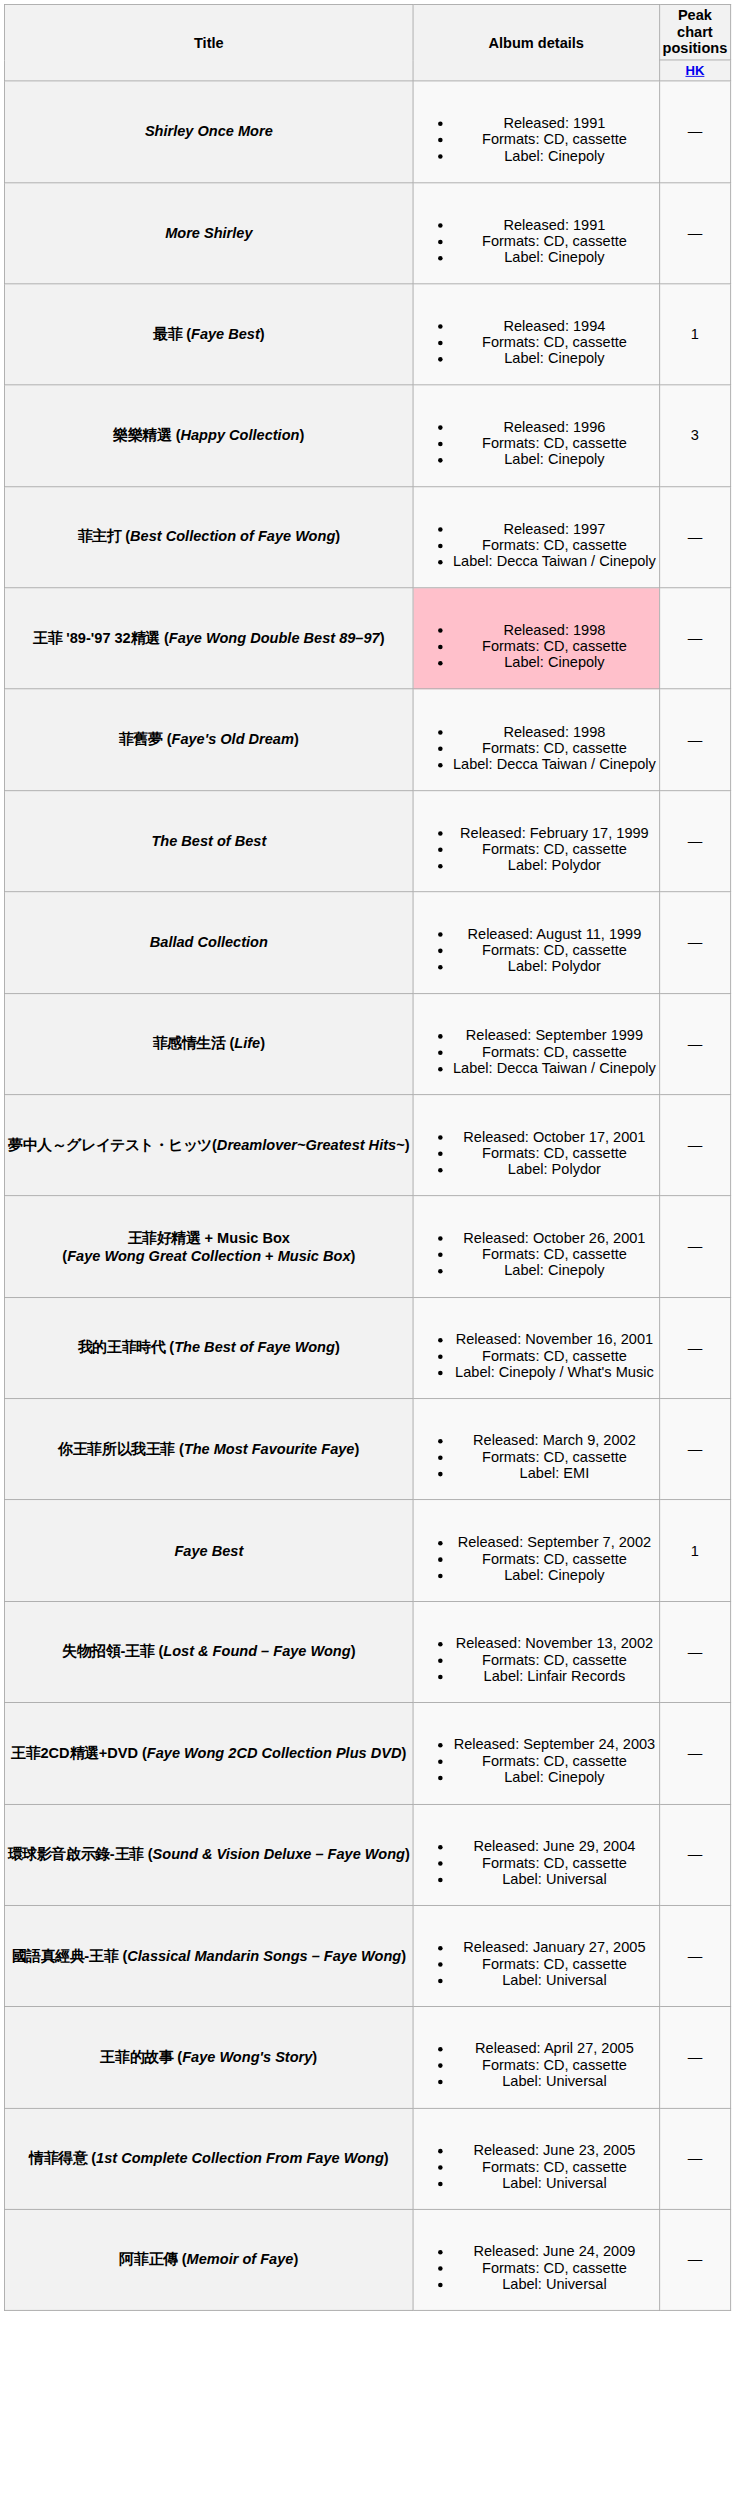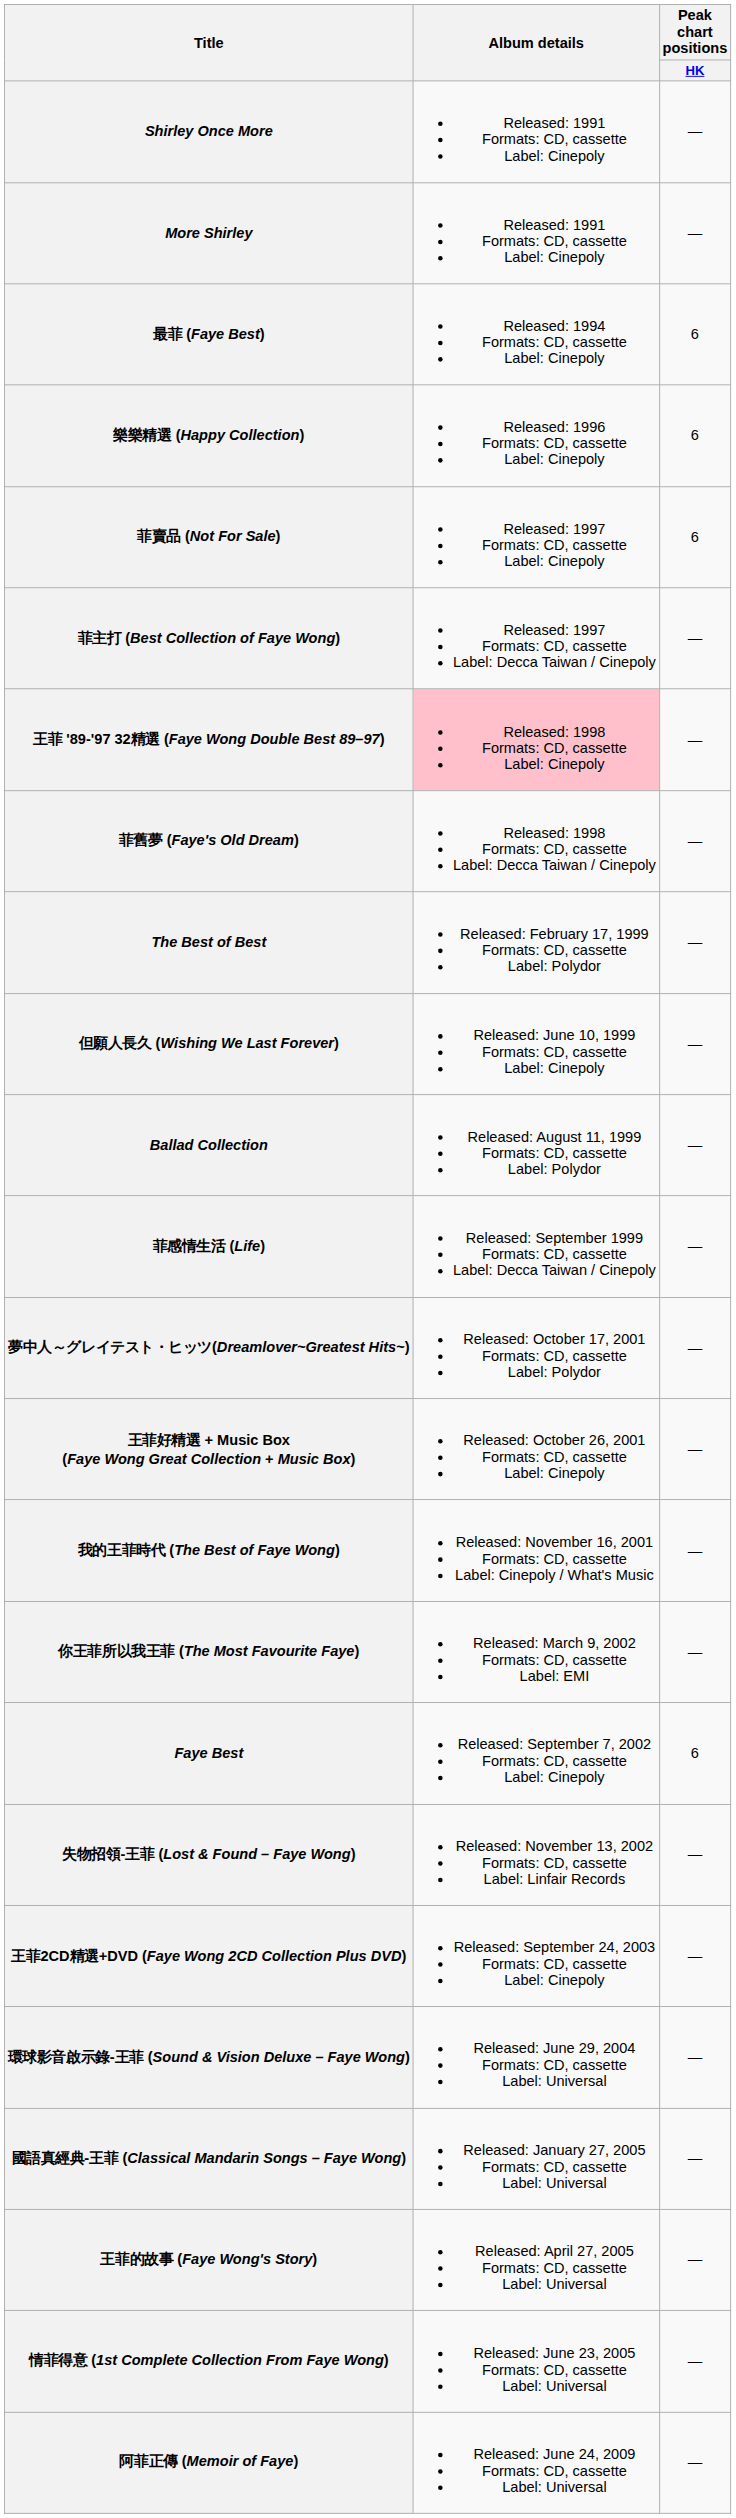 <table class="wikitable plainrowheaders" style="text-align:center;">
 <tr>
 <th rowspan="2">Title</th>
 <th rowspan="2">Album details</th>
 <th>Peak chart positions</th>
 </tr>
 <tr>
 <th scope="col" style="width:3em;font-size:90%;"><a href='#'>HK</a></th>
 </tr>
 <tr>
 <th scope="row"><em>Shirley Once More</em></th>
 <td><br><ul><li>Released: 1991</li><li>Formats: CD, cassette</li><li>Label: Cinepoly</li></ul></td>
 <td>—</td>
 </tr>
 <tr>
 <th scope="row"><em>More Shirley</em></th>
 <td><br><ul><li>Released: 1991</li><li>Formats: CD, cassette</li><li>Label: Cinepoly</li></ul></td>
 <td>—</td>
 </tr>
 <tr>
 <th scope="row">最菲 (<em>Faye Best</em>)</th>
 <td><br><ul><li>Released: 1994</li><li>Formats: CD, cassette</li><li>Label: Cinepoly</li></ul></td>
-<td>1</td>
+<td>6</td>
 </tr>
 <tr>
 <th scope="row">樂樂精選 (<em>Happy Collection</em>)</th>
 <td><br><ul><li>Released: 1996</li><li>Formats: CD, cassette</li><li>Label: Cinepoly</li></ul></td>
-<td>3</td>
+<td>6</td>
+</tr>
+<tr>
+<th scope="row">菲賣品 (<em>Not For Sale</em>)</th>
+<td><br><ul><li>Released: 1997</li><li>Formats: CD, cassette</li><li>Label: Cinepoly</li></ul></td>
+<td>6</td>
 </tr>
 <tr>
 <th scope="row">菲主打 (<em>Best Collection of Faye Wong</em>)</th>
 <td><br><ul><li>Released: 1997</li><li>Formats: CD, cassette</li><li>Label: Decca Taiwan / Cinepoly</li></ul></td>
 <td>—</td>
 </tr>
 <tr>
 <th scope="row">王菲 '89-'97 32精選 (<em>Faye Wong Double Best 89–97</em>)</th>
 <td style="background: pink;"><br><ul><li>Released: 1998</li><li>Formats: CD, cassette</li><li>Label: Cinepoly</li></ul></td>
 <td>—</td>
 </tr>
 <tr>
 <th scope="row">菲舊夢 (<em>Faye's Old Dream</em>)</th>
 <td><br><ul><li>Released: 1998</li><li>Formats: CD, cassette</li><li>Label: Decca Taiwan / Cinepoly</li></ul></td>
 <td>—</td>
 </tr>
 <tr>
 <th scope="row"><em>The Best of Best</em></th>
 <td><br><ul><li>Released: February 17, 1999</li><li>Formats: CD, cassette</li><li>Label: Polydor</li></ul></td>
+<td>—</td>
+</tr>
+<tr>
+<th scope="row">但願人長久 (<em>Wishing We Last Forever</em>)</th>
+<td><br><ul><li>Released: June 10, 1999</li><li>Formats: CD, cassette</li><li>Label: Cinepoly</li></ul></td>
 <td>—</td>
 </tr>
 <tr>
 <th scope="row"><em>Ballad Collection</em></th>
 <td><br><ul><li>Released: August 11, 1999</li><li>Formats: CD, cassette</li><li>Label: Polydor</li></ul></td>
 <td>—</td>
 </tr>
 <tr>
 <th scope="row">菲感情生活 (<em>Life</em>)</th>
 <td><br><ul><li>Released: September 1999</li><li>Formats: CD, cassette</li><li>Label: Decca Taiwan / Cinepoly</li></ul></td>
 <td>—</td>
 </tr>
 <tr>
 <th scope="row">夢中人～グレイテスト・ヒッツ(<em>Dreamlover~Greatest Hits~</em>)</th>
 <td><br><ul><li>Released: October 17, 2001</li><li>Formats: CD, cassette</li><li>Label: Polydor</li></ul></td>
 <td>—</td>
 </tr>
 <tr>
 <th scope="row">王菲好精選 + Music Box<br>(<em>Faye Wong Great Collection</em> + <em>Music Box</em>)</th>
 <td><br><ul><li>Released: October 26, 2001</li><li>Formats: CD, cassette</li><li>Label: Cinepoly</li></ul></td>
 <td>—</td>
 </tr>
 <tr>
 <th scope="row">我的王菲時代 (<em>The Best of Faye Wong</em>)</th>
 <td><br><ul><li>Released: November 16, 2001</li><li>Formats: CD, cassette</li><li>Label: Cinepoly / What's Music</li></ul></td>
 <td>—</td>
 </tr>
 <tr>
 <th scope="row">你王菲所以我王菲 (<em>The Most Favourite Faye</em>)</th>
 <td><br><ul><li>Released: March 9, 2002</li><li>Formats: CD, cassette</li><li>Label: EMI</li></ul></td>
 <td>—</td>
 </tr>
 <tr>
 <th scope="row"><em>Faye Best</em></th>
 <td><br><ul><li>Released: September 7, 2002</li><li>Formats: CD, cassette</li><li>Label: Cinepoly</li></ul></td>
-<td>1</td>
+<td>6</td>
 </tr>
 <tr>
 <th scope="row">失物招領-王菲 (<em>Lost & Found – Faye Wong</em>)</th>
 <td><br><ul><li>Released: November 13, 2002</li><li>Formats: CD, cassette</li><li>Label: Linfair Records</li></ul></td>
 <td>—</td>
 </tr>
 <tr>
 <th scope="row">王菲2CD精選+DVD (<em>Faye Wong 2CD Collection Plus DVD</em>)</th>
 <td><br><ul><li>Released: September 24, 2003</li><li>Formats: CD, cassette</li><li>Label: Cinepoly</li></ul></td>
 <td>—</td>
 </tr>
 <tr>
 <th scope="row">環球影音啟示錄-王菲 (<em>Sound & Vision Deluxe – Faye Wong</em>)</th>
 <td><br><ul><li>Released: June 29, 2004</li><li>Formats: CD, cassette</li><li>Label: Universal</li></ul></td>
 <td>—</td>
 </tr>
 <tr>
 <th scope="row">國語真經典-王菲 (<em>Classical Mandarin Songs – Faye Wong</em>)</th>
 <td><br><ul><li>Released: January 27, 2005</li><li>Formats: CD, cassette</li><li>Label: Universal</li></ul></td>
 <td>—</td>
 </tr>
 <tr>
 <th scope="row">王菲的故事 (<em>Faye Wong's Story</em>)</th>
 <td><br><ul><li>Released: April 27, 2005</li><li>Formats: CD, cassette</li><li>Label: Universal</li></ul></td>
 <td>—</td>
 </tr>
 <tr>
 <th scope="row">情菲得意 (<em>1st Complete Collection From Faye Wong</em>)</th>
 <td><br><ul><li>Released: June 23, 2005</li><li>Formats: CD, cassette</li><li>Label: Universal</li></ul></td>
 <td>—</td>
 </tr>
 <tr>
 <th scope="row">阿菲正傳 (<em>Memoir of Faye</em>)</th>
 <td><br><ul><li>Released: June 24, 2009</li><li>Formats: CD, cassette</li><li>Label: Universal</li></ul></td>
 <td>—</td>
 </tr>
 </table>
